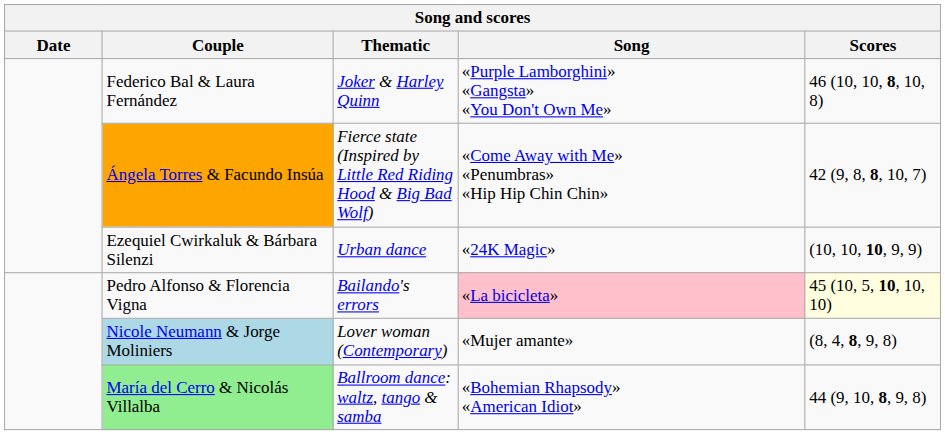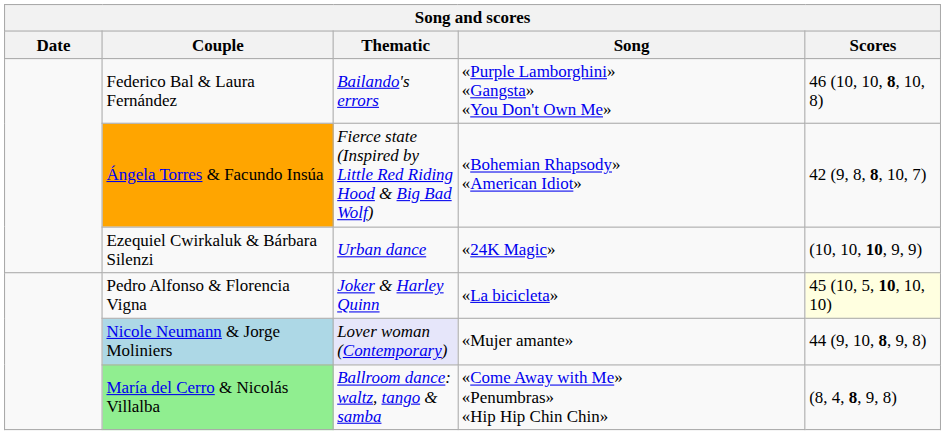 <table class="wikitable collapsible collapsed" style=" text-align: align; width: 100%;">
 <tr>
 <th colspan="11" style="with: 100%;" align="center">Song and scores</th>
 </tr>
 <tr>
 <th width=85>Date</th>
 <th width=210>Couple</th>
 <th width=110>Thematic</th>
 <th width=320>Song</th>
 <th width=120>Scores</th>
 </tr>
 <tr>
 <td rowspan="3"></td>
 <td bgcolor="">Federico Bal & Laura Fernández</td>
-<td><em><a href='#'>Joker</a> & <a href='#'>Harley Quinn</a></em></td>
+<td><em><a href='#'>Bailando</a>'s <a href='#'>errors</a></em></td>
 <td>«<a href='#'>Purple Lamborghini</a>» <br>«<a href='#'>Gangsta</a>» <br>«<a href='#'>You Don't Own Me</a>» </td>
 <td>46 (10, 10, <strong>8</strong>, 10, 8)</td>
 </tr>
 <tr>
 <td bgcolor="orange"><a href='#'>Ángela Torres</a> & Facundo Insúa</td>
 <td><em>Fierce state<br>(Inspired by <a href='#'>Little Red Riding Hood</a> & <a href='#'>Big Bad Wolf</a>)</em></td>
-<td>«<a href='#'>Come Away with Me</a>» <br>«Penumbras» <br>«Hip Hip Chin Chin» </td>
+<td>«<a href='#'>Bohemian Rhapsody</a>» <br>«<a href='#'>American Idiot</a>» </td>
 <td>42 (9, 8, <strong>8</strong>, 10, 7)</td>
 </tr>
 <tr>
 <td bgcolor="">Ezequiel Cwirkaluk & Bárbara Silenzi</td>
 <td><em><a href='#'>Urban dance</a></em></td>
 <td>«<a href='#'>24K Magic</a>» </td>
 <td> (10, 10, <strong>10</strong>, 9, 9)</td>
 </tr>
 <tr>
 <td rowspan="3"></td>
 <td bgcolor="">Pedro Alfonso & Florencia Vigna</td>
-<td><em><a href='#'>Bailando</a>'s <a href='#'>errors</a></em></td>
-<td style="background: pink;">«<a href='#'>La bicicleta</a>» </td>
+<td><em><a href='#'>Joker</a> & <a href='#'>Harley Quinn</a></em></td>
+<td>«<a href='#'>La bicicleta</a>» </td>
 <td style="background: lightyellow;">45 (10, 5, <strong>10</strong>, 10, 10)</td>
 </tr>
 <tr>
 <td bgcolor="lightblue"><a href='#'>Nicole Neumann</a> & Jorge Moliniers</td>
-<td><em>Lover woman<br>(<a href='#'>Contemporary</a>)</em></td>
+<td style="background: lavender;"><em>Lover woman<br>(<a href='#'>Contemporary</a>)</em></td>
 <td>«Mujer amante» </td>
-<td> (8, 4, <strong>8</strong>, 9, 8)</td>
+<td>44 (9, 10, <strong>8</strong>, 9, 8)</td>
 </tr>
 <tr>
 <td bgcolor="lightgreen"><a href='#'>María del Cerro</a> & Nicolás Villalba</td>
 <td><em><a href='#'>Ballroom dance</a>: <a href='#'>waltz</a>, <a href='#'>tango</a> & <a href='#'>samba</a></em></td>
-<td>«<a href='#'>Bohemian Rhapsody</a>» <br>«<a href='#'>American Idiot</a>» </td>
-<td>44 (9, 10, <strong>8</strong>, 9, 8)</td>
+<td>«<a href='#'>Come Away with Me</a>» <br>«Penumbras» <br>«Hip Hip Chin Chin» </td>
+<td> (8, 4, <strong>8</strong>, 9, 8)</td>
 </tr>
 </table>
